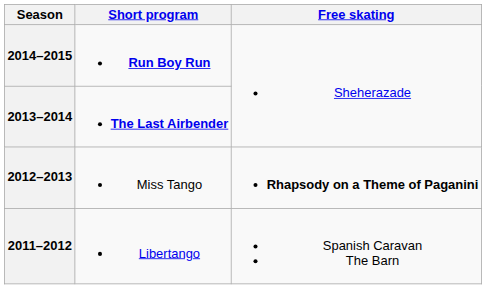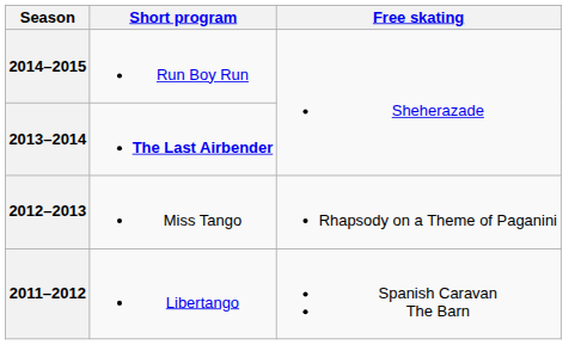 <table class=wikitable style=text-align:center>
 <tr>
 <th>Season</th>
 <th><a href='#'>Short program</a></th>
 <th><a href='#'>Free skating</a></th>
 </tr>
 <tr>
 <th>2014–2015 <br></th>
-<td><strong><br><ul><li><a href='#'>Run Boy Run</a> <br></li></ul></strong></td>
+<td><br><ul><li><a href='#'>Run Boy Run</a> <br></li></ul></td>
 <td rowspan=2><br><ul><li><a href='#'>Sheherazade</a> <br></li></ul></td>
 </tr>
 <tr>
 <th>2013–2014 <br></th>
 <td><strong><br><ul><li><a href='#'>The Last Airbender</a> <br></li></ul></strong></td>
 </tr>
 <tr>
 <th>2012–2013 <br></th>
 <td><br><ul><li>Miss Tango <br></li></ul></td>
-<td><strong><br><ul><li>Rhapsody on a Theme of Paganini <br></li></ul></strong></td>
+<td><br><ul><li>Rhapsody on a Theme of Paganini <br></li></ul></td>
 </tr>
 <tr>
 <th>2011–2012 <br></th>
 <td><br><ul><li><a href='#'>Libertango</a> <br></li></ul></td>
 <td><br><ul><li>Spanish Caravan <br></li><li>The Barn <br></li></ul></td>
 </tr>
 </table>
